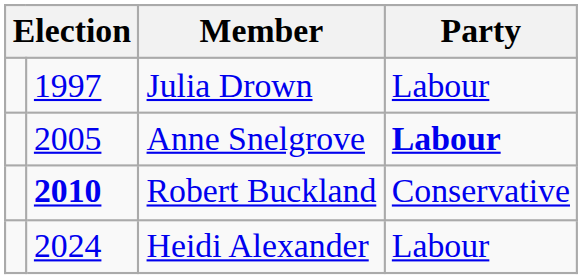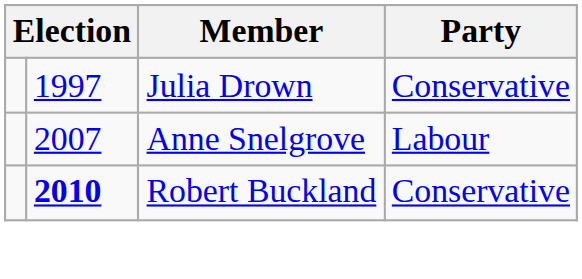 <table class="wikitable">
 <tr>
 <th colspan="2">Election</th>
 <th>Member</th>
 <th>Party</th>
 </tr>
 <tr>
 <td style="color:inherit;background-color: "></td>
 <td><a href='#'>1997</a></td>
 <td><a href='#'>Julia Drown</a></td>
-<td><a href='#'>Labour</a></td>
+<td><a href='#'>Conservative</a></td>
 </tr>
 <tr>
 <td style="color:inherit;background-color: "></td>
-<td><a href='#'>2005</a></td>
+<td><a href='#'>2007</a></td>
 <td><a href='#'>Anne Snelgrove</a></td>
-<td><strong><a href='#'>Labour</a></strong></td>
+<td><a href='#'>Labour</a></td>
 </tr>
 <tr>
 <td style="color:inherit;background-color: "></td>
 <td><strong><a href='#'>2010</a></strong></td>
 <td><a href='#'>Robert Buckland</a></td>
 <td><a href='#'>Conservative</a></td>
 </tr>
-<tr>
-<td style="color:inherit;background-color: "></td>
-<td><a href='#'>2024</a></td>
-<td><a href='#'>Heidi Alexander</a></td>
-<td><a href='#'>Labour</a></td>
-</tr>
 </table>
